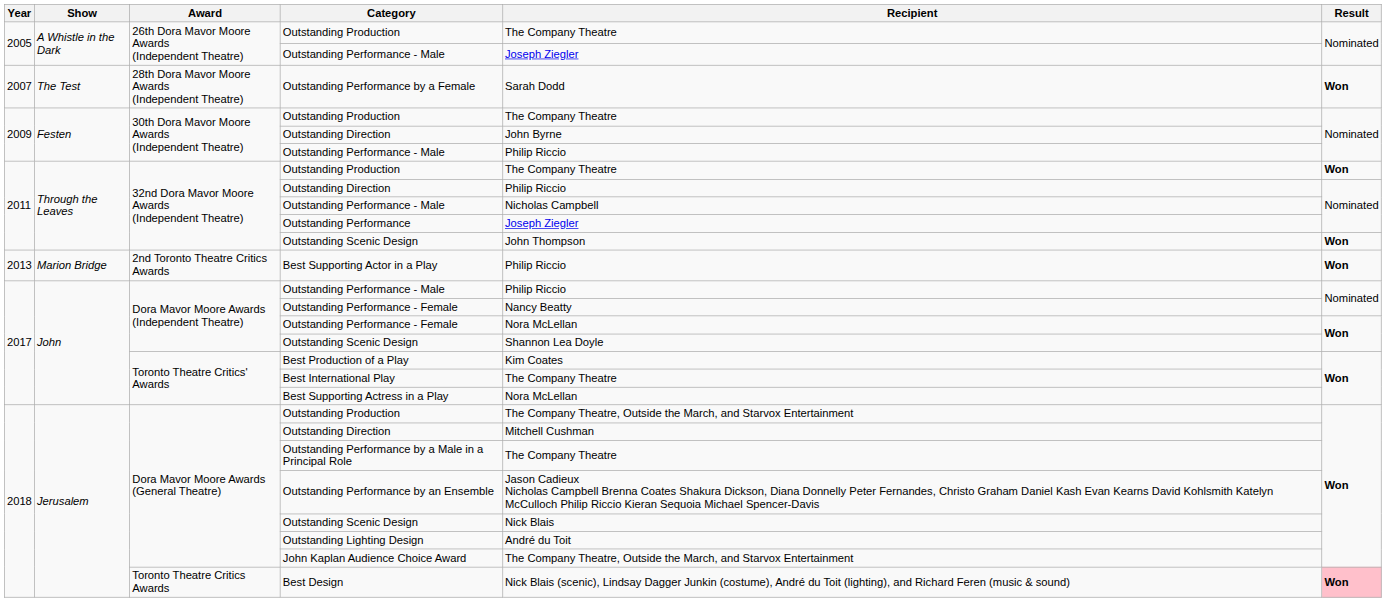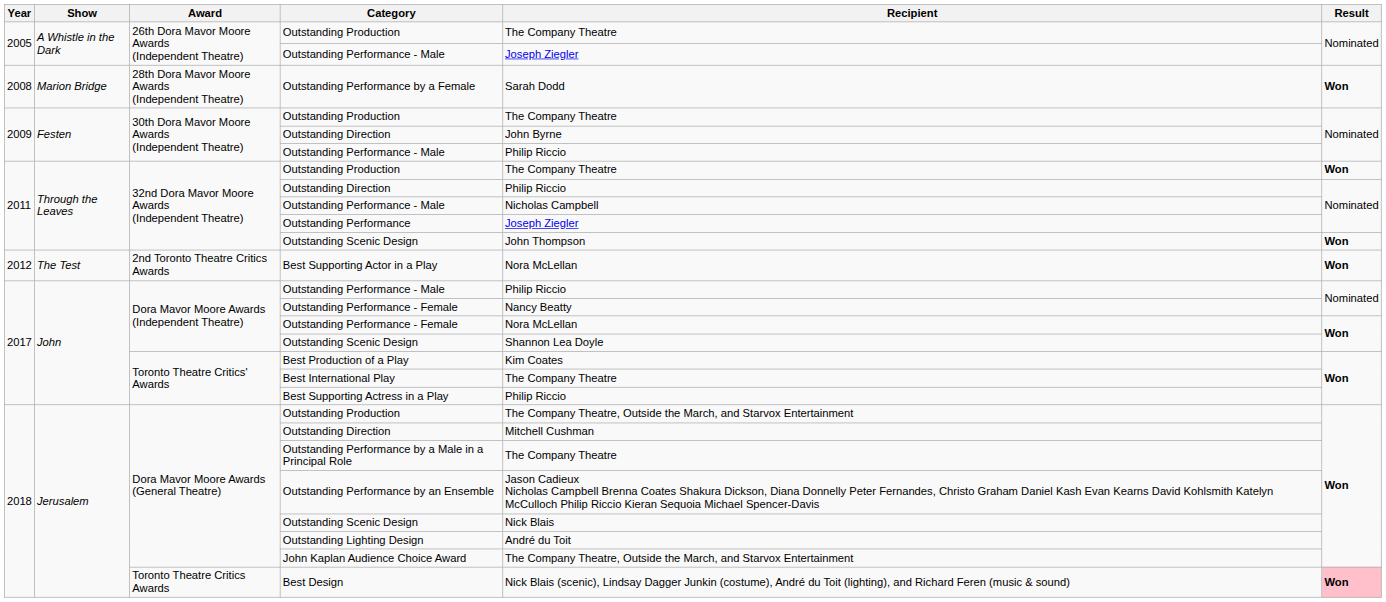 <table class="wikitable">
 <tr>
 <th>Year</th>
 <th>Show</th>
 <th>Award</th>
 <th>Category</th>
 <th>Recipient</th>
 <th>Result</th>
 </tr>
 <tr>
 <td rowspan="2">2005</td>
 <td rowspan="2"><em>A Whistle in the Dark</em></td>
 <td rowspan="2">26th Dora Mavor Moore Awards<br>(Independent Theatre)</td>
 <td>Outstanding Production</td>
 <td>The Company Theatre</td>
 <td rowspan="2">Nominated</td>
 </tr>
 <tr>
 <td>Outstanding Performance - Male</td>
 <td><a href='#'>Joseph Ziegler</a></td>
 </tr>
 <tr>
-<td>2007</td>
-<td><em>The Test</em></td>
+<td>2008</td>
+<td><em>Marion Bridge</em></td>
 <td>28th Dora Mavor Moore Awards<br>(Independent Theatre)</td>
 <td>Outstanding Performance by a Female</td>
 <td>Sarah Dodd</td>
 <td><strong>Won</strong></td>
 </tr>
 <tr>
 <td rowspan="3">2009</td>
 <td rowspan="3"><em>Festen</em></td>
 <td rowspan="3">30th Dora Mavor Moore Awards<br>(Independent Theatre)</td>
 <td>Outstanding Production</td>
 <td>The Company Theatre</td>
 <td rowspan="3">Nominated</td>
 </tr>
 <tr>
 <td>Outstanding Direction</td>
 <td>John Byrne</td>
 </tr>
 <tr>
 <td>Outstanding Performance - Male</td>
 <td>Philip Riccio</td>
 </tr>
 <tr>
 <td rowspan="5">2011</td>
 <td rowspan="5"><em>Through the Leaves</em></td>
 <td rowspan="5">32nd Dora Mavor Moore Awards<br>(Independent Theatre)</td>
 <td>Outstanding Production</td>
 <td>The Company Theatre</td>
 <td><strong>Won</strong></td>
 </tr>
 <tr>
 <td>Outstanding Direction</td>
 <td>Philip Riccio</td>
 <td rowspan="3">Nominated</td>
 </tr>
 <tr>
 <td>Outstanding Performance - Male</td>
 <td>Nicholas Campbell</td>
 </tr>
 <tr>
 <td>Outstanding Performance</td>
 <td><a href='#'>Joseph Ziegler</a></td>
 </tr>
 <tr>
 <td>Outstanding Scenic Design</td>
 <td>John Thompson</td>
 <td><strong>Won</strong></td>
 </tr>
 <tr>
-<td>2013</td>
-<td><em>Marion Bridge</em></td>
+<td>2012</td>
+<td><em>The Test</em></td>
 <td>2nd Toronto Theatre Critics Awards</td>
 <td>Best Supporting Actor in a Play</td>
-<td>Philip Riccio</td>
+<td>Nora McLellan</td>
 <td><strong>Won</strong></td>
 </tr>
 <tr>
 <td rowspan="7">2017</td>
 <td rowspan="7"><em>John</em></td>
 <td rowspan="4">Dora Mavor Moore Awards<br>(Independent Theatre)</td>
 <td>Outstanding Performance - Male</td>
 <td>Philip Riccio</td>
 <td rowspan="2">Nominated</td>
 </tr>
 <tr>
 <td>Outstanding Performance - Female</td>
 <td>Nancy Beatty</td>
 </tr>
 <tr>
 <td>Outstanding Performance - Female</td>
 <td>Nora McLellan</td>
 <td rowspan="2"><strong>Won</strong></td>
 </tr>
 <tr>
 <td>Outstanding Scenic Design</td>
 <td>Shannon Lea Doyle</td>
 </tr>
 <tr>
 <td rowspan="3">Toronto Theatre Critics' Awards</td>
 <td>Best Production of a Play</td>
 <td>Kim Coates</td>
 <td rowspan="3"><strong>Won</strong></td>
 </tr>
 <tr>
 <td>Best International Play</td>
 <td>The Company Theatre</td>
 </tr>
 <tr>
 <td>Best Supporting Actress in a Play</td>
-<td>Nora McLellan</td>
+<td>Philip Riccio</td>
 </tr>
 <tr>
 <td rowspan="8">2018</td>
 <td rowspan="8"><em>Jerusalem</em></td>
 <td rowspan="7">Dora Mavor Moore Awards<br>(General Theatre)</td>
 <td>Outstanding Production</td>
 <td>The Company Theatre, Outside the March, and Starvox Entertainment</td>
 <td rowspan="7"><strong>Won</strong></td>
 </tr>
 <tr>
 <td>Outstanding Direction</td>
 <td>Mitchell Cushman</td>
 </tr>
 <tr>
 <td>Outstanding Performance by a Male in a Principal Role</td>
 <td>The Company Theatre</td>
 </tr>
 <tr>
 <td>Outstanding Performance by an Ensemble</td>
 <td>Jason Cadieux<br>Nicholas Campbell Brenna Coates Shakura Dickson, Diana Donnelly Peter Fernandes, Christo Graham Daniel Kash Evan Kearns David Kohlsmith Katelyn McCulloch Philip Riccio Kieran Sequoia Michael Spencer-Davis</td>
 </tr>
 <tr>
 <td>Outstanding Scenic Design</td>
 <td>Nick Blais</td>
 </tr>
 <tr>
 <td>Outstanding Lighting Design</td>
 <td>André du Toit</td>
 </tr>
 <tr>
 <td>John Kaplan Audience Choice Award</td>
 <td>The Company Theatre, Outside the March, and Starvox Entertainment</td>
 </tr>
 <tr>
 <td>Toronto Theatre Critics Awards</td>
 <td>Best Design</td>
 <td>Nick Blais (scenic), Lindsay Dagger Junkin (costume), André du Toit (lighting), and Richard Feren (music & sound)</td>
 <td style="background: pink;"><strong>Won</strong></td>
 </tr>
 </table>
